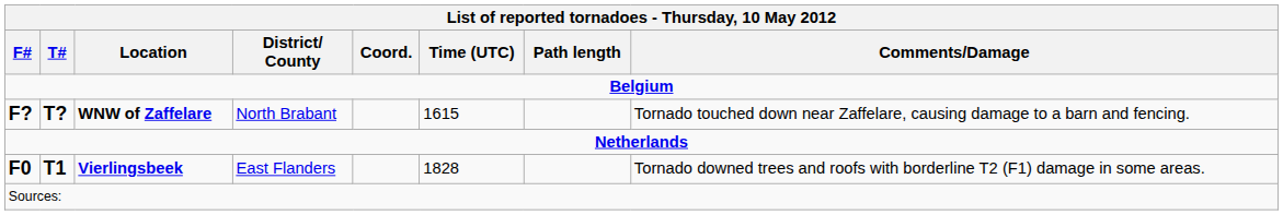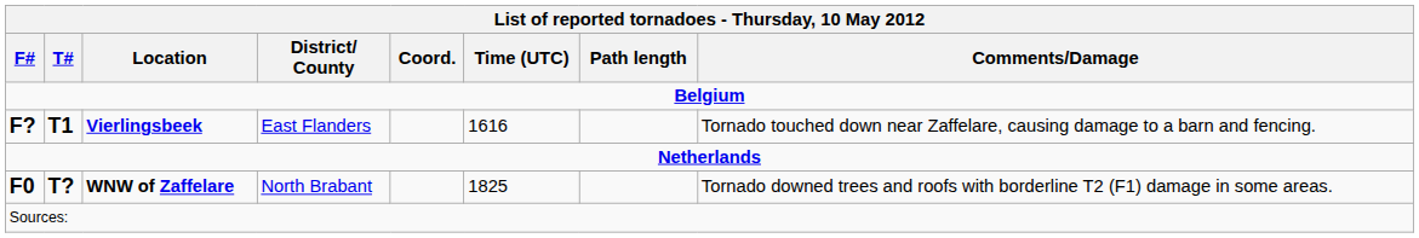 <table class="wikitable collapsible" width="100%">
 <tr>
 <th colspan="8">List of reported tornadoes - Thursday, 10 May 2012</th>
 </tr>
 <tr>
 <th><a href='#'>F#</a></th>
 <th><a href='#'>T#</a></th>
 <th>Location</th>
 <th>District/<br>County</th>
 <th>Coord.</th>
 <th>Time (UTC)</th>
 <th>Path length</th>
 <th>Comments/Damage</th>
 </tr>
 <tr>
 <td colspan="8" align=center><strong><a href='#'>Belgium</a></strong></td>
 </tr>
 <tr>
 <td><big><strong>F?</strong></big></td>
-<td><big><strong>T?</strong></big></td>
-<td><strong>WNW of <a href='#'>Zaffelare</a></strong></td>
-<td><a href='#'>North Brabant</a></td>
+<td><big><strong>T1</strong></big></td>
+<td><strong><a href='#'>Vierlingsbeek</a></strong></td>
+<td><a href='#'>East Flanders</a></td>
 <td></td>
-<td>1615</td>
+<td>1616</td>
 <td></td>
 <td>Tornado touched down near Zaffelare, causing damage to a barn and fencing.</td>
 </tr>
 <tr>
 <td colspan="8" align=center><strong><a href='#'>Netherlands</a></strong></td>
 </tr>
 <tr>
 <td><big><strong>F0</strong></big></td>
-<td><big><strong>T1</strong></big></td>
-<td><strong><a href='#'>Vierlingsbeek</a></strong></td>
-<td><a href='#'>East Flanders</a></td>
+<td><big><strong>T?</strong></big></td>
+<td><strong>WNW of <a href='#'>Zaffelare</a></strong></td>
+<td><a href='#'>North Brabant</a></td>
 <td></td>
-<td>1828</td>
+<td>1825</td>
 <td></td>
 <td>Tornado downed trees and roofs with borderline T2 (F1) damage in some areas.</td>
 </tr>
 <tr>
 <td colspan="8"><small>Sources:  </small></td>
 </tr>
 </table>
